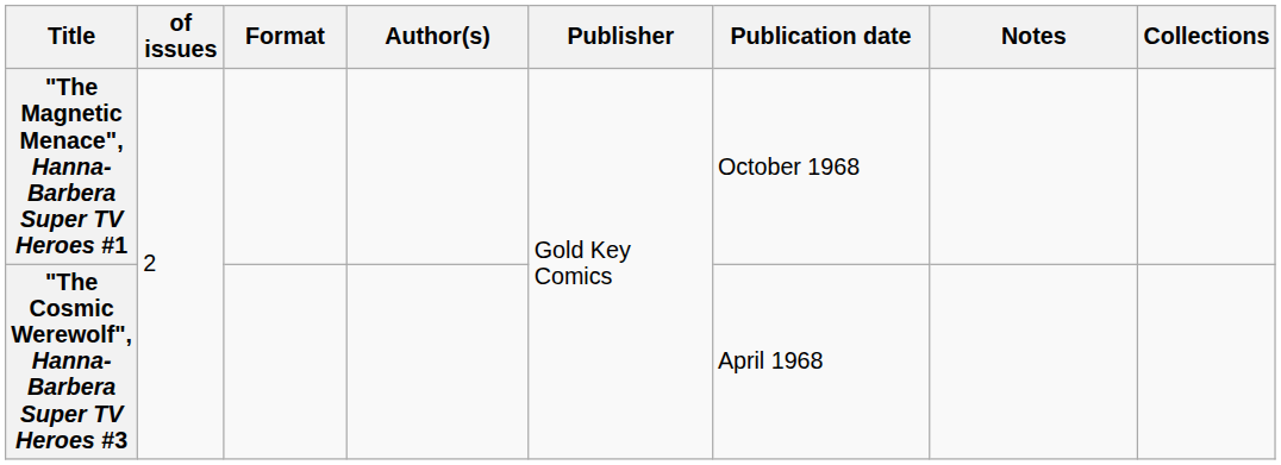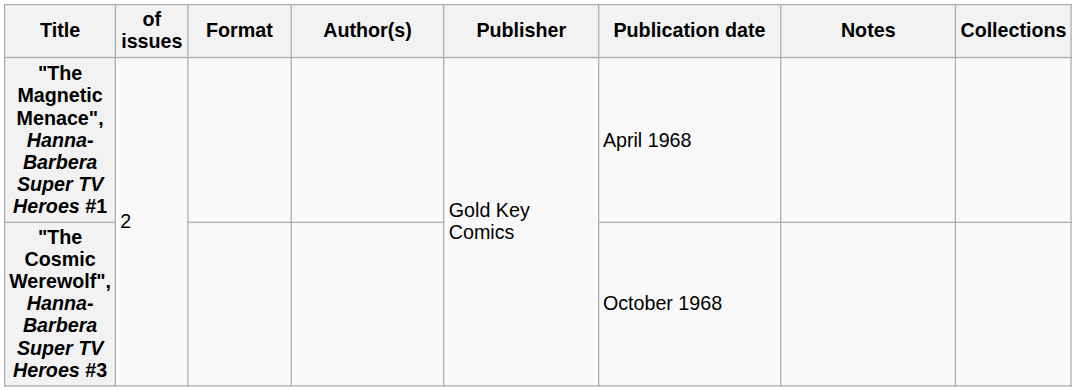 <table class="wikitable">
 <tr>
 <th>Title</th>
 <th style="width:40pt"> of issues</th>
 <th style="width:75pt">Format</th>
 <th style="width:125pt">Author(s)</th>
 <th style="width:125pt">Publisher</th>
 <th style="width:150pt">Publication date</th>
 <th style="width:175pt">Notes</th>
 <th>Collections</th>
 </tr>
 <tr>
 <th>"The Magnetic Menace", <em>Hanna-Barbera Super TV Heroes</em> #1</th>
 <td rowspan="2">2</td>
 <td></td>
 <td></td>
 <td rowspan="2">Gold Key Comics</td>
-<td>October 1968</td>
+<td>April 1968</td>
 <td></td>
 <td></td>
 </tr>
 <tr>
 <th>"The Cosmic Werewolf", <em>Hanna-Barbera Super TV Heroes</em> #3</th>
 <td></td>
 <td></td>
-<td>April 1968</td>
+<td>October 1968</td>
 <td></td>
 <td></td>
 </tr>
 </table>
